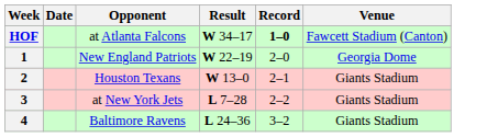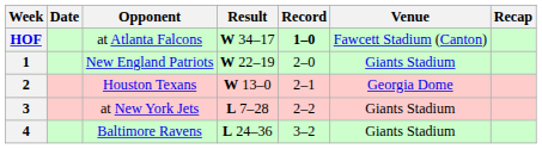 <table class="wikitable" style="text-align:center">
 <tr>
 <th>Week</th>
 <th>Date</th>
 <th>Opponent</th>
 <th>Result</th>
 <th>Record</th>
 <th>Venue</th>
+<th>Recap</th>
 </tr>
 <tr style="background:#cfc">
 <th><a href='#'>HOF</a></th>
 <td></td>
 <td>at <a href='#'>Atlanta Falcons</a></td>
 <td><strong>W</strong> 34–17</td>
 <td><strong>1–0</strong></td>
 <td><a href='#'>Fawcett Stadium</a> (<a href='#'>Canton</a>)</td>
+<td></td>
 </tr>
 <tr style="background:#cfc">
 <th>1</th>
 <td></td>
 <td><a href='#'>New England Patriots</a></td>
 <td><strong>W</strong> 22–19</td>
 <td>2–0</td>
-<td><a href='#'>Georgia Dome</a></td>
+<td><a href='#'>Giants Stadium</a></td>
+<td></td>
 </tr>
 <tr style="background:#fcc">
 <th>2</th>
 <td></td>
 <td><a href='#'>Houston Texans</a></td>
 <td><strong>W</strong> 13–0</td>
 <td>2–1</td>
-<td>Giants Stadium</td>
+<td><a href='#'>Georgia Dome</a></td>
+<td></td>
 </tr>
 <tr style="background:#fcc">
 <th>3</th>
 <td></td>
 <td>at <a href='#'>New York Jets</a></td>
 <td><strong>L</strong> 7–28</td>
 <td>2–2</td>
 <td>Giants Stadium</td>
+<td></td>
 </tr>
 <tr style="background:#cfc">
 <th>4</th>
 <td></td>
 <td><a href='#'>Baltimore Ravens</a></td>
 <td><strong>L</strong> 24–36</td>
 <td>3–2</td>
 <td>Giants Stadium</td>
+<td></td>
 </tr>
 </table>
